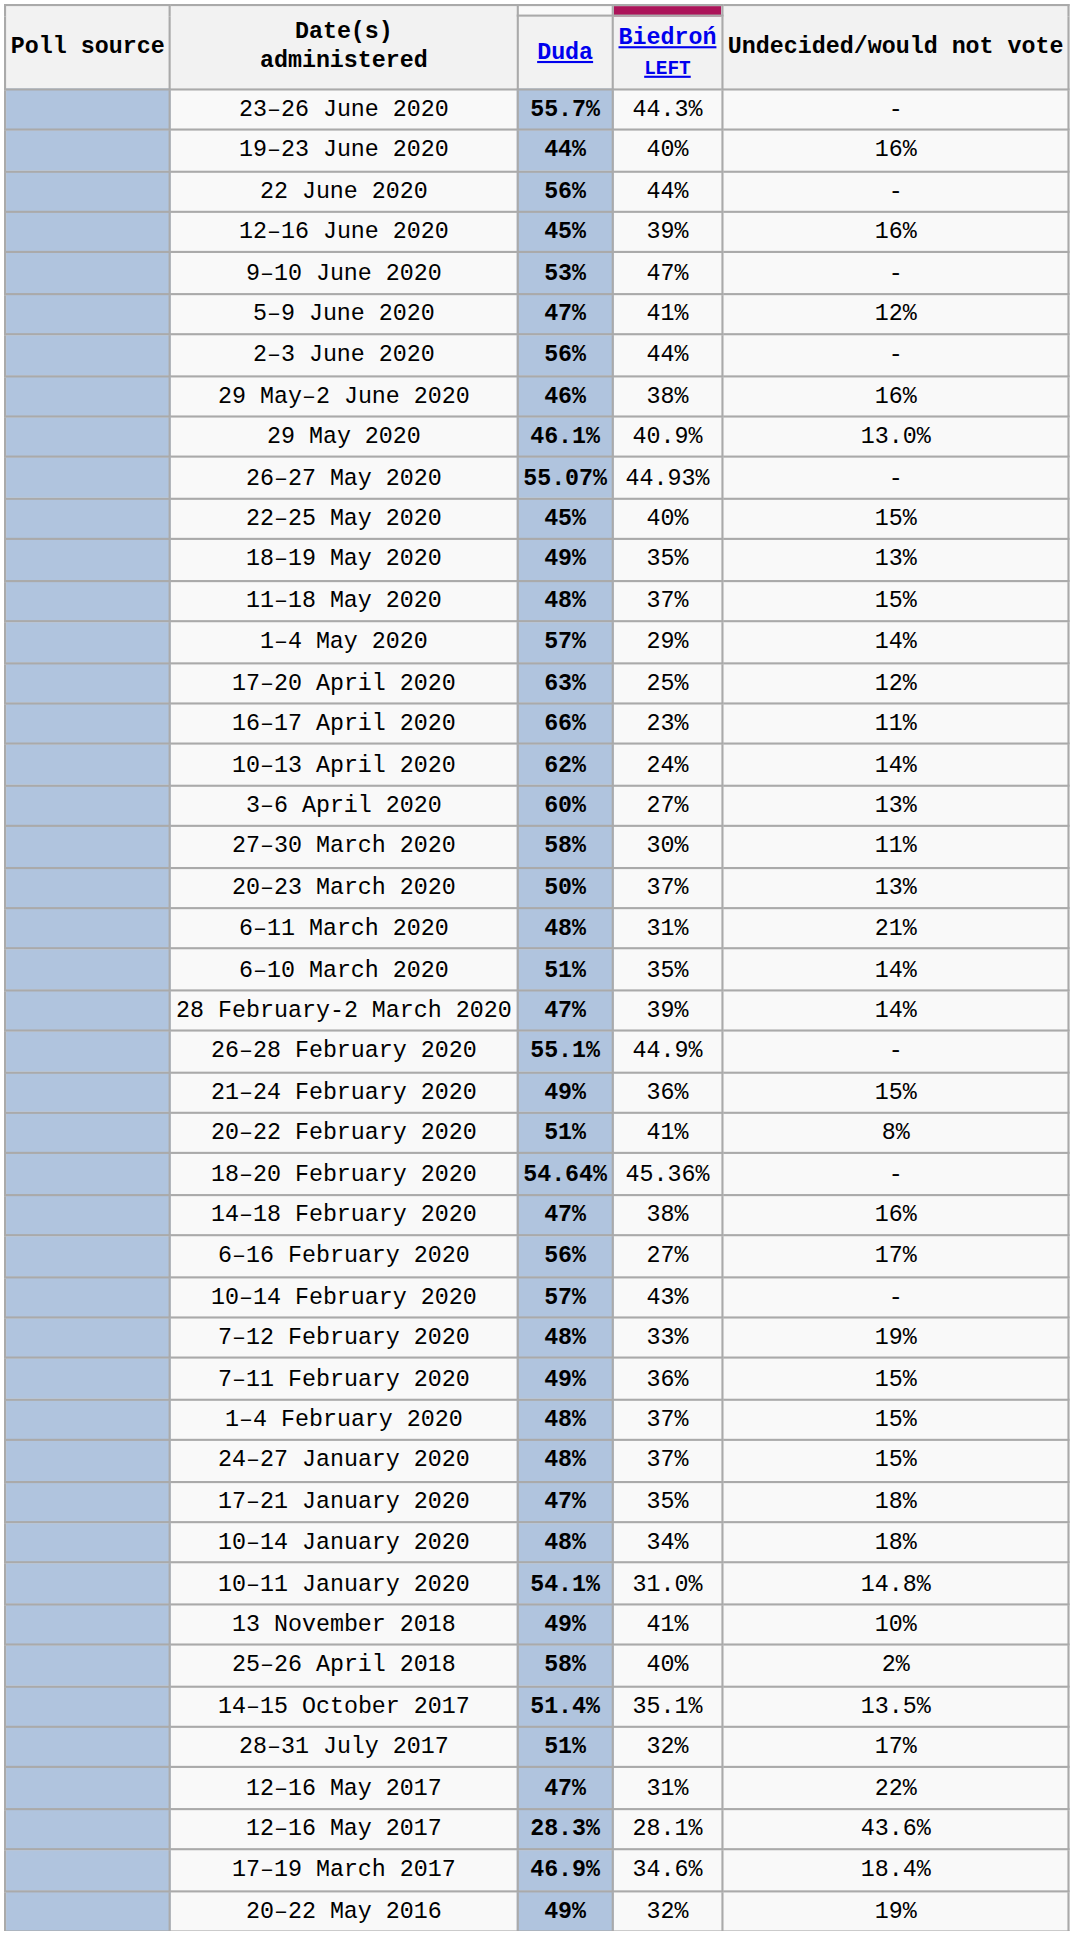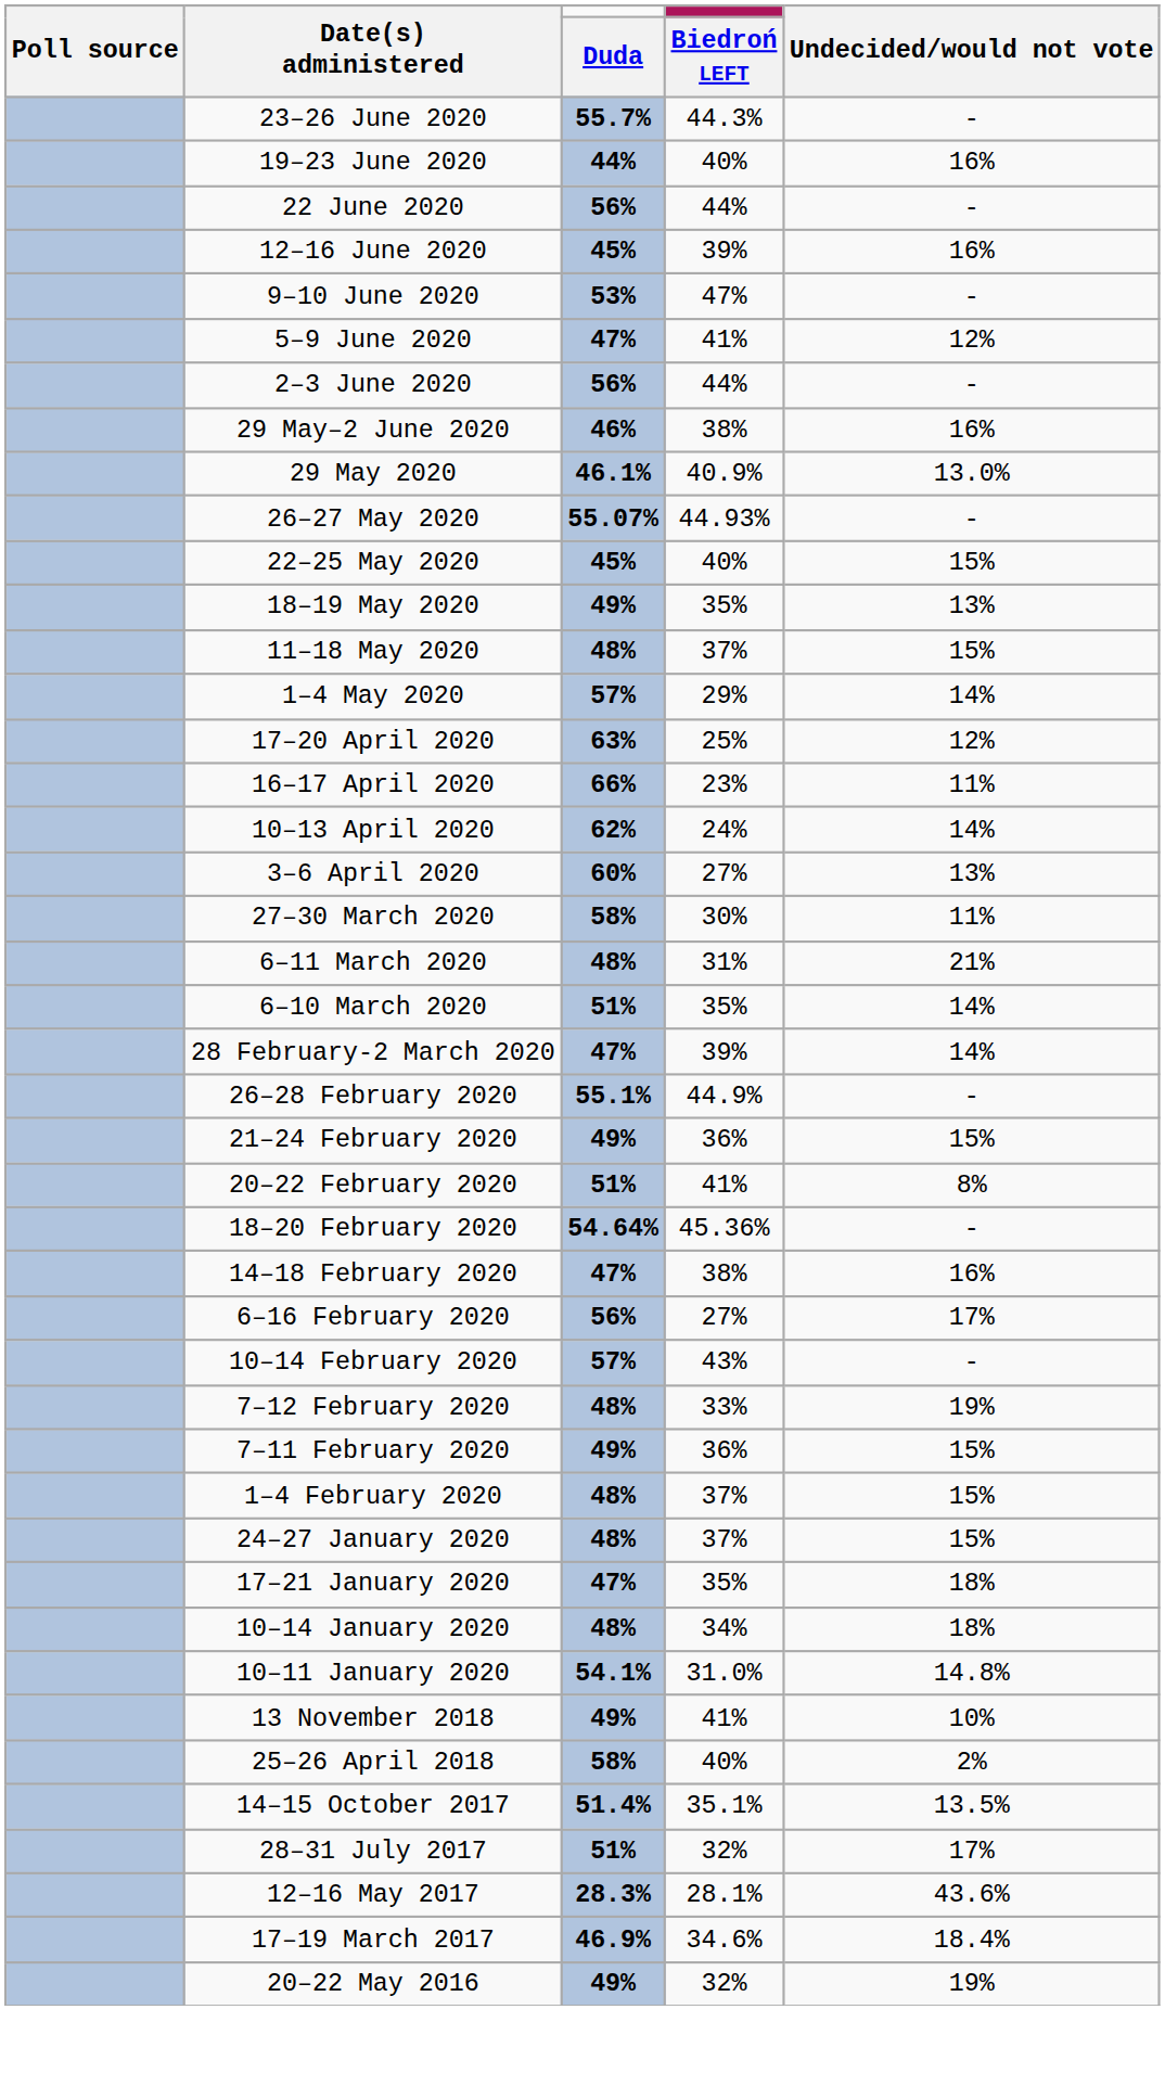 <table class="wikitable" style="text-align:center;font-size:85%;line-height:14px;">
 <tr>
 <th rowspan="2">Poll source</th>
 <th rowspan="2">Date(s)<br>administered</th>
 <td></td>
 <td style="background:#ac145a;"></td>
 <th rowspan="2">Undecided/would not vote</th>
 </tr>
 <tr>
 <th><a href='#'>Duda</a><br></th>
 <th><a href='#'>Biedroń</a><br><small><a href='#'>LEFT</a></small></th>
 </tr>
 <tr>
 <td style="background:lightsteelblue;"></td>
 <td>23–26 June 2020</td>
 <td style="background:lightsteelblue;"><strong>55.7%</strong></td>
 <td>44.3%</td>
 <td>-</td>
 </tr>
 <tr>
 <td style="background:lightsteelblue;"></td>
 <td>19–23 June 2020</td>
 <td style="background:lightsteelblue;"><strong>44%</strong></td>
 <td>40%</td>
 <td>16%</td>
 </tr>
 <tr>
 <td style="background:lightsteelblue;"></td>
 <td>22 June 2020</td>
 <td style="background:lightsteelblue;"><strong>56%</strong></td>
 <td>44%</td>
 <td>-</td>
 </tr>
 <tr>
 <td style="background:lightsteelblue;"></td>
 <td>12–16 June 2020</td>
 <td style="background:lightsteelblue;"><strong>45%</strong></td>
 <td>39%</td>
 <td>16%</td>
 </tr>
 <tr>
 <td style="background:lightsteelblue;"></td>
 <td>9–10 June 2020</td>
 <td style="background:lightsteelblue;"><strong>53%</strong></td>
 <td>47%</td>
 <td>-</td>
 </tr>
 <tr>
 <td style="background:lightsteelblue;"></td>
 <td>5–9 June 2020</td>
 <td style="background:lightsteelblue;"><strong>47%</strong></td>
 <td>41%</td>
 <td>12%</td>
 </tr>
 <tr>
 <td style="background:lightsteelblue;"></td>
 <td>2–3 June 2020</td>
 <td style="background:lightsteelblue;"><strong>56%</strong></td>
 <td>44%</td>
 <td>-</td>
 </tr>
 <tr>
 <td style="background:lightsteelblue;"></td>
 <td>29 May–2 June 2020</td>
 <td style="background:lightsteelblue;"><strong>46%</strong></td>
 <td>38%</td>
 <td>16%</td>
 </tr>
 <tr>
 <td style="background:lightsteelblue;"></td>
 <td>29 May 2020</td>
 <td style="background:lightsteelblue;"><strong>46.1%</strong></td>
 <td>40.9%</td>
 <td>13.0%</td>
 </tr>
 <tr>
 <td style="background:lightsteelblue;"></td>
 <td>26–27 May 2020</td>
 <td style="background:lightsteelblue;"><strong>55.07%</strong></td>
 <td>44.93%</td>
 <td>-</td>
 </tr>
 <tr>
 <td style="background:lightsteelblue;"></td>
 <td>22–25 May 2020</td>
 <td style="background:lightsteelblue;"><strong>45%</strong></td>
 <td>40%</td>
 <td>15%</td>
 </tr>
 <tr>
 <td style="background:lightsteelblue;"></td>
 <td>18–19 May 2020</td>
 <td style="background:lightsteelblue;"><strong>49%</strong></td>
 <td>35%</td>
 <td>13%</td>
 </tr>
 <tr>
 <td style="background:lightsteelblue;"></td>
 <td>11–18 May 2020</td>
 <td style="background:lightsteelblue;"><strong>48%</strong></td>
 <td>37%</td>
 <td>15%</td>
 </tr>
 <tr>
 <td style="background:lightsteelblue;"></td>
 <td>1–4 May 2020</td>
 <td style="background:lightsteelblue;"><strong>57%</strong></td>
 <td>29%</td>
 <td>14%</td>
 </tr>
 <tr>
 <td style="background:lightsteelblue;"></td>
 <td>17–20 April 2020</td>
 <td style="background:lightsteelblue;"><strong>63%</strong></td>
 <td>25%</td>
 <td>12%</td>
 </tr>
 <tr>
 <td style="background:lightsteelblue;"></td>
 <td>16–17 April 2020</td>
 <td style="background:lightsteelblue;"><strong>66%</strong></td>
 <td>23%</td>
 <td>11%</td>
 </tr>
 <tr>
 <td style="background:lightsteelblue;"></td>
 <td>10–13 April 2020</td>
 <td style="background:lightsteelblue;"><strong>62%</strong></td>
 <td>24%</td>
 <td>14%</td>
 </tr>
 <tr>
 <td style="background:lightsteelblue;"></td>
 <td>3–6 April 2020</td>
 <td style="background:lightsteelblue;"><strong>60%</strong></td>
 <td>27%</td>
 <td>13%</td>
 </tr>
 <tr>
 <td style="background:lightsteelblue;"></td>
 <td>27–30 March 2020</td>
 <td style="background:lightsteelblue;"><strong>58%</strong></td>
 <td>30%</td>
 <td>11%</td>
-</tr>
-<tr>
-<td style="background:lightsteelblue;"></td>
-<td>20–23 March 2020</td>
-<td style="background:lightsteelblue;"><strong>50%</strong></td>
-<td>37%</td>
-<td>13%</td>
 </tr>
 <tr>
 <td style="background:lightsteelblue;"></td>
 <td>6–11 March 2020</td>
 <td style="background:lightsteelblue;"><strong>48%</strong></td>
 <td>31%</td>
 <td>21%</td>
 </tr>
 <tr>
 <td style="background:lightsteelblue;"></td>
 <td>6–10 March 2020</td>
 <td style="background:lightsteelblue;"><strong>51%</strong></td>
 <td>35%</td>
 <td>14%</td>
 </tr>
 <tr>
 <td style="background:lightsteelblue;"></td>
 <td>28 February-2 March 2020</td>
 <td style="background:lightsteelblue;"><strong>47%</strong></td>
 <td>39%</td>
 <td>14%</td>
 </tr>
 <tr>
 <td style="background:lightsteelblue;"></td>
 <td>26–28 February 2020</td>
 <td style="background:lightsteelblue;"><strong>55.1%</strong></td>
 <td>44.9%</td>
 <td>-</td>
 </tr>
 <tr>
 <td style="background:lightsteelblue;"></td>
 <td>21–24 February 2020</td>
 <td style="background:lightsteelblue;"><strong>49%</strong></td>
 <td>36%</td>
 <td>15%</td>
 </tr>
 <tr>
 <td style="background:lightsteelblue;"></td>
 <td>20–22 February 2020</td>
 <td style="background:lightsteelblue;"><strong>51%</strong></td>
 <td>41%</td>
 <td>8%</td>
 </tr>
 <tr>
 <td style="background:lightsteelblue;"></td>
 <td>18–20 February 2020</td>
 <td style="background:lightsteelblue;"><strong>54.64%</strong></td>
 <td>45.36%</td>
 <td>-</td>
 </tr>
 <tr>
 <td style="background:lightsteelblue;"></td>
 <td>14–18 February 2020</td>
 <td style="background:lightsteelblue;"><strong>47%</strong></td>
 <td>38%</td>
 <td>16%</td>
 </tr>
 <tr>
 <td style="background:lightsteelblue;"></td>
 <td>6–16 February 2020</td>
 <td style="background:lightsteelblue;"><strong>56%</strong></td>
 <td>27%</td>
 <td>17%</td>
 </tr>
 <tr>
 <td style="background:lightsteelblue;"></td>
 <td>10–14 February 2020</td>
 <td style="background:lightsteelblue;"><strong>57%</strong></td>
 <td>43%</td>
 <td>-</td>
 </tr>
 <tr>
 <td style="background:lightsteelblue;"></td>
 <td>7–12 February 2020</td>
 <td style="background:lightsteelblue;"><strong>48%</strong></td>
 <td>33%</td>
 <td>19%</td>
 </tr>
 <tr>
 <td style="background:lightsteelblue;"></td>
 <td>7–11 February 2020</td>
 <td style="background:lightsteelblue;"><strong>49%</strong></td>
 <td>36%</td>
 <td>15%</td>
 </tr>
 <tr>
 <td style="background:lightsteelblue;"></td>
 <td>1–4 February 2020</td>
 <td style="background:lightsteelblue;"><strong>48%</strong></td>
 <td>37%</td>
 <td>15%</td>
 </tr>
 <tr>
 <td style="background:lightsteelblue;"></td>
 <td>24–27 January 2020</td>
 <td style="background:lightsteelblue;"><strong>48%</strong></td>
 <td>37%</td>
 <td>15%</td>
 </tr>
 <tr>
 <td style="background:lightsteelblue;"></td>
 <td>17–21 January 2020</td>
 <td style="background:lightsteelblue;"><strong>47%</strong></td>
 <td>35%</td>
 <td>18%</td>
 </tr>
 <tr>
 <td style="background:lightsteelblue;"></td>
 <td>10–14 January 2020</td>
 <td style="background:lightsteelblue;"><strong>48%</strong></td>
 <td>34%</td>
 <td>18%</td>
 </tr>
 <tr>
 <td style="background:lightsteelblue;"></td>
 <td>10–11 January 2020</td>
 <td style="background:lightsteelblue;"><strong>54.1%</strong></td>
 <td>31.0%</td>
 <td>14.8%</td>
 </tr>
 <tr>
 <td style="background:lightsteelblue;"></td>
 <td>13 November 2018</td>
 <td style="background:lightsteelblue;"><strong>49%</strong></td>
 <td>41%</td>
 <td>10%</td>
 </tr>
 <tr>
 <td style="background:lightsteelblue;"></td>
 <td>25–26 April 2018</td>
 <td style="background:lightsteelblue;"><strong>58%</strong></td>
 <td>40%</td>
 <td>2%</td>
 </tr>
 <tr>
 <td style="background:lightsteelblue;"></td>
 <td>14–15 October 2017</td>
 <td style="background:lightsteelblue;"><strong>51.4%</strong></td>
 <td>35.1%</td>
 <td>13.5%</td>
 </tr>
 <tr>
 <td style="background:lightsteelblue;"></td>
 <td>28–31 July 2017</td>
 <td style="background:lightsteelblue;"><strong>51%</strong></td>
 <td>32%</td>
 <td>17%</td>
 </tr>
 <tr>
 <td style="background:lightsteelblue;"></td>
 <td>12–16 May 2017</td>
-<td style="background:lightsteelblue;"><strong>47%</strong></td>
-<td>31%</td>
-<td>22%</td>
-</tr>
-<tr>
-<td style="background:lightsteelblue;"></td>
-<td>12–16 May 2017</td>
 <td style="background:lightsteelblue;"><strong>28.3%</strong></td>
 <td>28.1%</td>
 <td>43.6%</td>
 </tr>
 <tr>
 <td style="background:lightsteelblue;"></td>
 <td>17–19 March 2017</td>
 <td style="background:lightsteelblue;"><strong>46.9%</strong></td>
 <td>34.6%</td>
 <td>18.4%</td>
 </tr>
 <tr>
 <td style="background:lightsteelblue;"></td>
 <td>20–22 May 2016</td>
 <td style="background:lightsteelblue;"><strong>49%</strong></td>
 <td>32%</td>
 <td>19%</td>
 </tr>
 </table>
